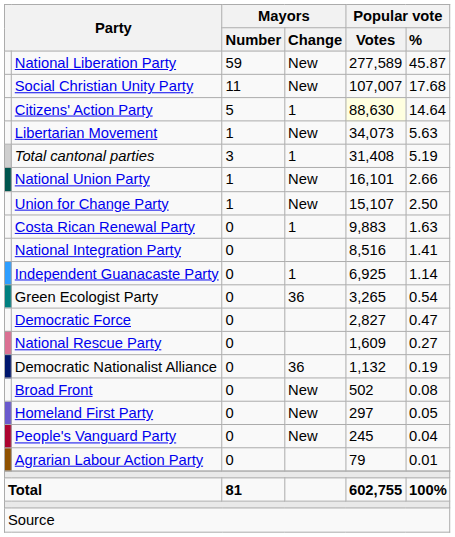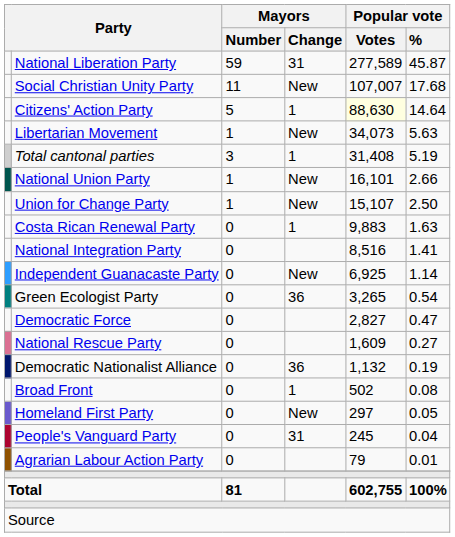 <table class="wikitable" style="text-align:left;font-size:95%;">
 <tr>
 <th colspan="2" rowspan="2">Party</th>
 <th colspan="2">Mayors</th>
 <th colspan="2">Popular vote</th>
 </tr>
 <tr>
 <th valign="top">Number</th>
 <th style="text-align: left;" valign="top">Change</th>
 <th valign="top">Votes</th>
 <th style="text-align: left;" valign="top">%</th>
 </tr>
 <tr>
 <td></td>
 <td><a href='#'>National Liberation Party</a></td>
 <td>59</td>
-<td>New</td>
+<td>31</td>
 <td>277,589</td>
 <td>45.87</td>
 </tr>
 <tr>
 <td></td>
 <td><a href='#'>Social Christian Unity Party</a></td>
 <td>11</td>
 <td>New</td>
 <td>107,007</td>
 <td>17.68</td>
 </tr>
 <tr>
 <td></td>
 <td><a href='#'>Citizens' Action Party</a></td>
 <td>5</td>
 <td>1</td>
 <td style="background: lightyellow;">88,630</td>
 <td>14.64</td>
 </tr>
 <tr>
 <td></td>
 <td><a href='#'>Libertarian Movement</a></td>
 <td>1</td>
 <td>New</td>
 <td>34,073</td>
 <td>5.63</td>
 </tr>
 <tr>
 <td bgcolor="#cfcfcf"></td>
 <td><em>Total cantonal parties</em></td>
 <td>3</td>
 <td>1</td>
 <td>31,408</td>
 <td>5.19</td>
 </tr>
 <tr>
 <td bgcolor="#00554E"></td>
 <td><a href='#'>National Union Party</a></td>
 <td>1</td>
 <td>New</td>
 <td>16,101</td>
 <td>2.66</td>
 </tr>
 <tr>
 <td></td>
 <td><a href='#'>Union for Change Party</a></td>
 <td>1</td>
 <td>New</td>
 <td>15,107</td>
 <td>2.50</td>
 </tr>
 <tr>
 <td></td>
 <td><a href='#'>Costa Rican Renewal Party</a></td>
 <td>0</td>
 <td>1</td>
 <td>9,883</td>
 <td>1.63</td>
 </tr>
 <tr>
 <td></td>
 <td><a href='#'>National Integration Party</a></td>
 <td>0</td>
 <td></td>
 <td>8,516</td>
 <td>1.41</td>
 </tr>
 <tr>
 <td bgcolor="#2e9eff"></td>
 <td><a href='#'>Independent Guanacaste Party</a></td>
 <td>0</td>
-<td>1</td>
+<td>New</td>
 <td>6,925</td>
 <td>1.14</td>
 </tr>
 <tr>
 <td bgcolor="#008080"></td>
 <td>Green Ecologist Party</td>
 <td>0</td>
 <td>36</td>
 <td>3,265</td>
 <td>0.54</td>
 </tr>
 <tr>
 <td></td>
 <td><a href='#'>Democratic Force</a></td>
 <td>0</td>
 <td></td>
 <td>2,827</td>
 <td>0.47</td>
 </tr>
 <tr>
 <td bgcolor="#DB7093"></td>
 <td><a href='#'>National Rescue Party</a></td>
 <td>0</td>
 <td></td>
 <td>1,609</td>
 <td>0.27</td>
 </tr>
 <tr>
 <td bgcolor="#00166E"></td>
 <td>Democratic Nationalist Alliance</td>
 <td>0</td>
 <td>36</td>
 <td>1,132</td>
 <td>0.19</td>
 </tr>
 <tr>
 <td></td>
 <td><a href='#'>Broad Front</a></td>
 <td>0</td>
-<td>New</td>
+<td>1</td>
 <td>502</td>
 <td>0.08</td>
 </tr>
 <tr>
 <td bgcolor="SlateBlue"></td>
 <td><a href='#'>Homeland First Party</a></td>
 <td>0</td>
 <td>New</td>
 <td>297</td>
 <td>0.05</td>
 </tr>
 <tr>
 <td bgcolor="#AD0430"></td>
 <td><a href='#'>People's Vanguard Party</a></td>
 <td>0</td>
-<td>New</td>
+<td>31</td>
 <td>245</td>
 <td>0.04</td>
 </tr>
 <tr>
 <td bgcolor="#8f5100"></td>
 <td><a href='#'>Agrarian Labour Action Party</a></td>
 <td>0</td>
 <td></td>
 <td>79</td>
 <td>0.01</td>
 </tr>
 <tr>
 </tr>
 <tr>
 <td colspan="6" bgcolor="#E9E9E9"></td>
 </tr>
 <tr>
 <td colspan="2"><strong>Total</strong></td>
 <td><strong>81</strong></td>
 <td></td>
 <td><strong>602,755</strong></td>
 <td><strong>100%</strong></td>
 </tr>
 <tr>
 <td colspan="6" bgcolor="#E9E9E9"></td>
 </tr>
 <tr>
 <td colspan=6>Source</td>
 </tr>
 </table>
